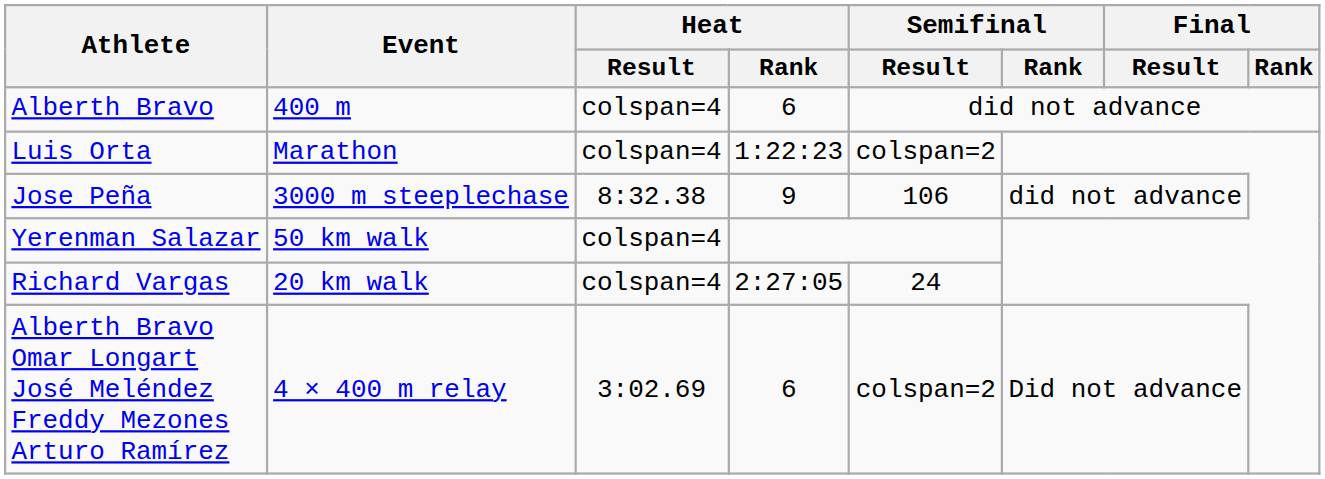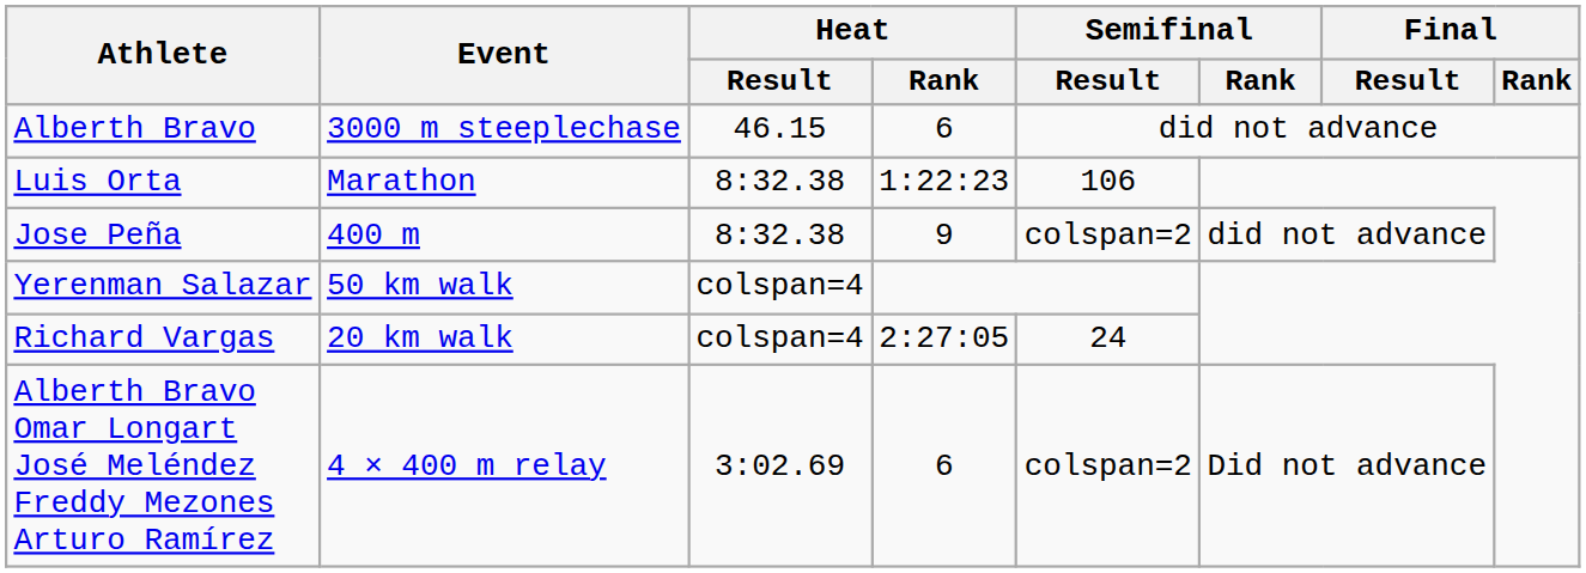 <table class="wikitable" style="font-size:90%">
 <tr>
 <th rowspan="2">Athlete</th>
 <th rowspan="2">Event</th>
 <th colspan="2">Heat</th>
 <th colspan="2">Semifinal</th>
 <th colspan="2">Final</th>
 </tr>
 <tr style="font-size:95%">
 <th>Result</th>
 <th>Rank</th>
 <th>Result</th>
 <th>Rank</th>
 <th>Result</th>
 <th>Rank</th>
 </tr>
 <tr align=center>
 <td align=left><a href='#'>Alberth Bravo</a></td>
-<td align=left><a href='#'>400 m</a></td>
-<td>colspan=4 </td>
+<td align=left><a href='#'>3000 m steeplechase</a></td>
+<td>46.15</td>
 <td>6</td>
 <td colspan=4>did not advance</td>
 </tr>
 <tr align=center>
 <td align=left><a href='#'>Luis Orta</a></td>
 <td align=left><a href='#'>Marathon</a></td>
-<td>colspan=4 </td>
+<td>8:32.38</td>
 <td>1:22:23</td>
-<td>colspan=2 </td>
+<td>106</td>
 </tr>
 <tr align=center>
 <td align=left><a href='#'>Jose Peña</a></td>
-<td align=left><a href='#'>3000 m steeplechase</a></td>
+<td align=left><a href='#'>400 m</a></td>
 <td>8:32.38</td>
 <td>9</td>
-<td>106</td>
+<td>colspan=2 </td>
 <td colspan=2>did not advance</td>
 </tr>
 <tr align=center>
 <td align=left><a href='#'>Yerenman Salazar</a></td>
 <td align=left><a href='#'>50 km walk</a></td>
 <td>colspan=4 </td>
 <td colspan=2></td>
 </tr>
 <tr align=center>
 <td align=left><a href='#'>Richard Vargas</a></td>
 <td align=left><a href='#'>20 km walk</a></td>
 <td>colspan=4 </td>
 <td>2:27:05</td>
 <td>24</td>
 </tr>
 <tr align="center">
 <td align=left><a href='#'>Alberth Bravo</a><br><a href='#'>Omar Longart</a><br><a href='#'>José Meléndez</a><br><a href='#'>Freddy Mezones</a><br><a href='#'>Arturo Ramírez</a></td>
 <td align=left><a href='#'>4 × 400 m relay</a></td>
 <td>3:02.69</td>
 <td>6</td>
 <td>colspan=2 </td>
 <td colspan="2">Did not advance</td>
 </tr>
 </table>
